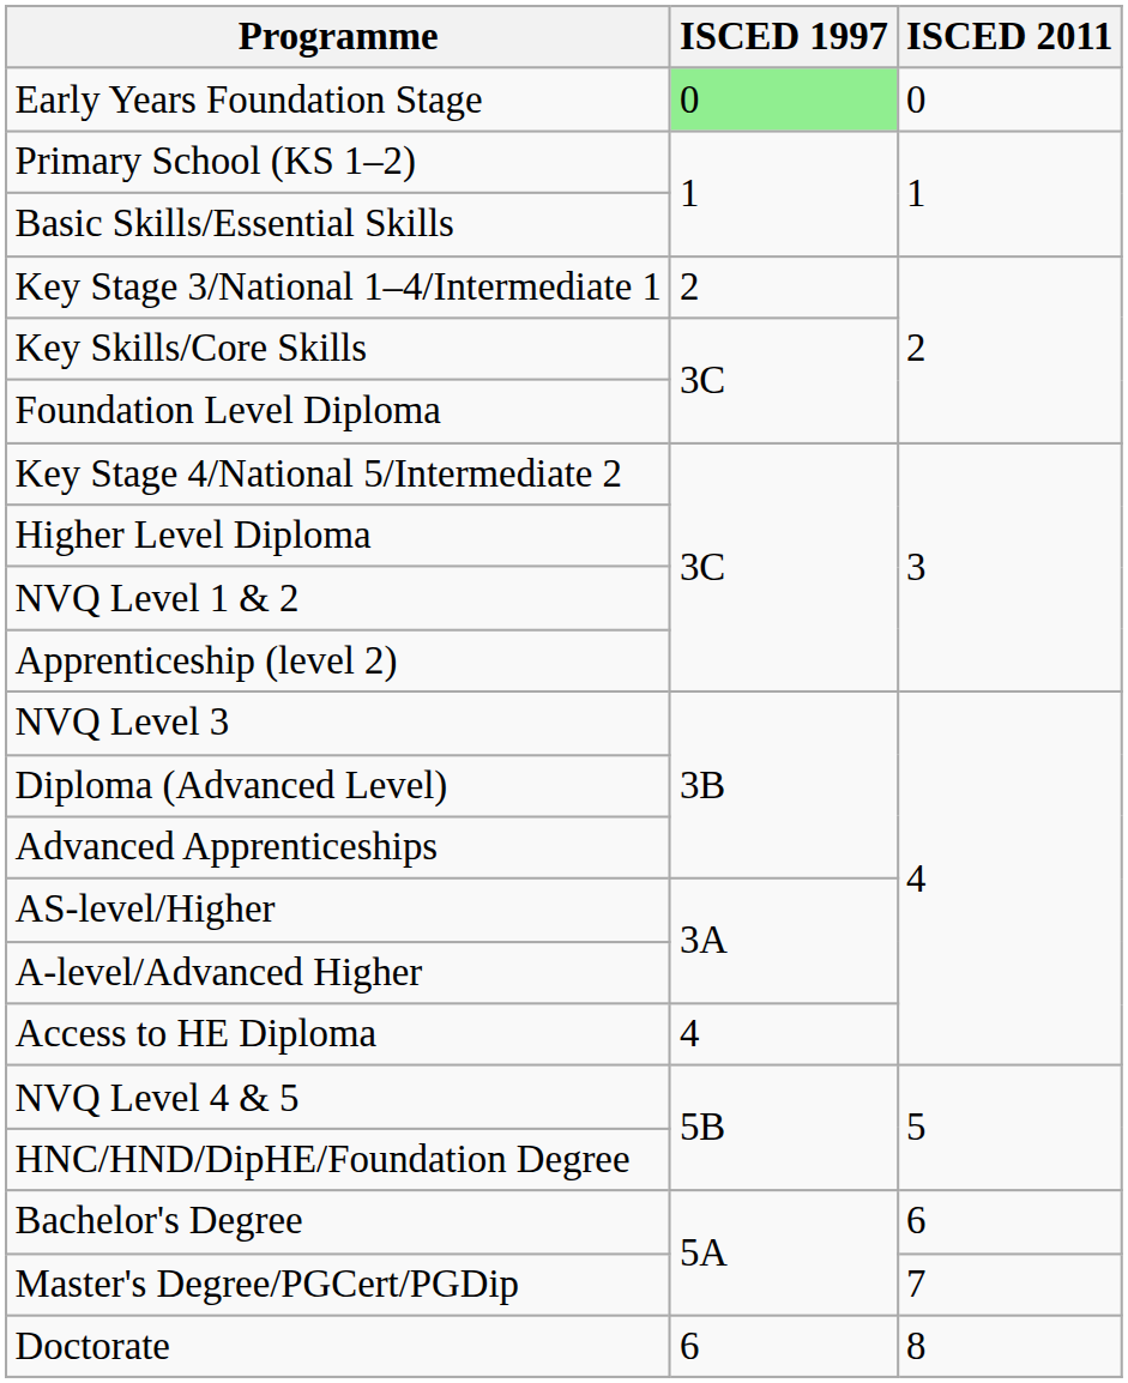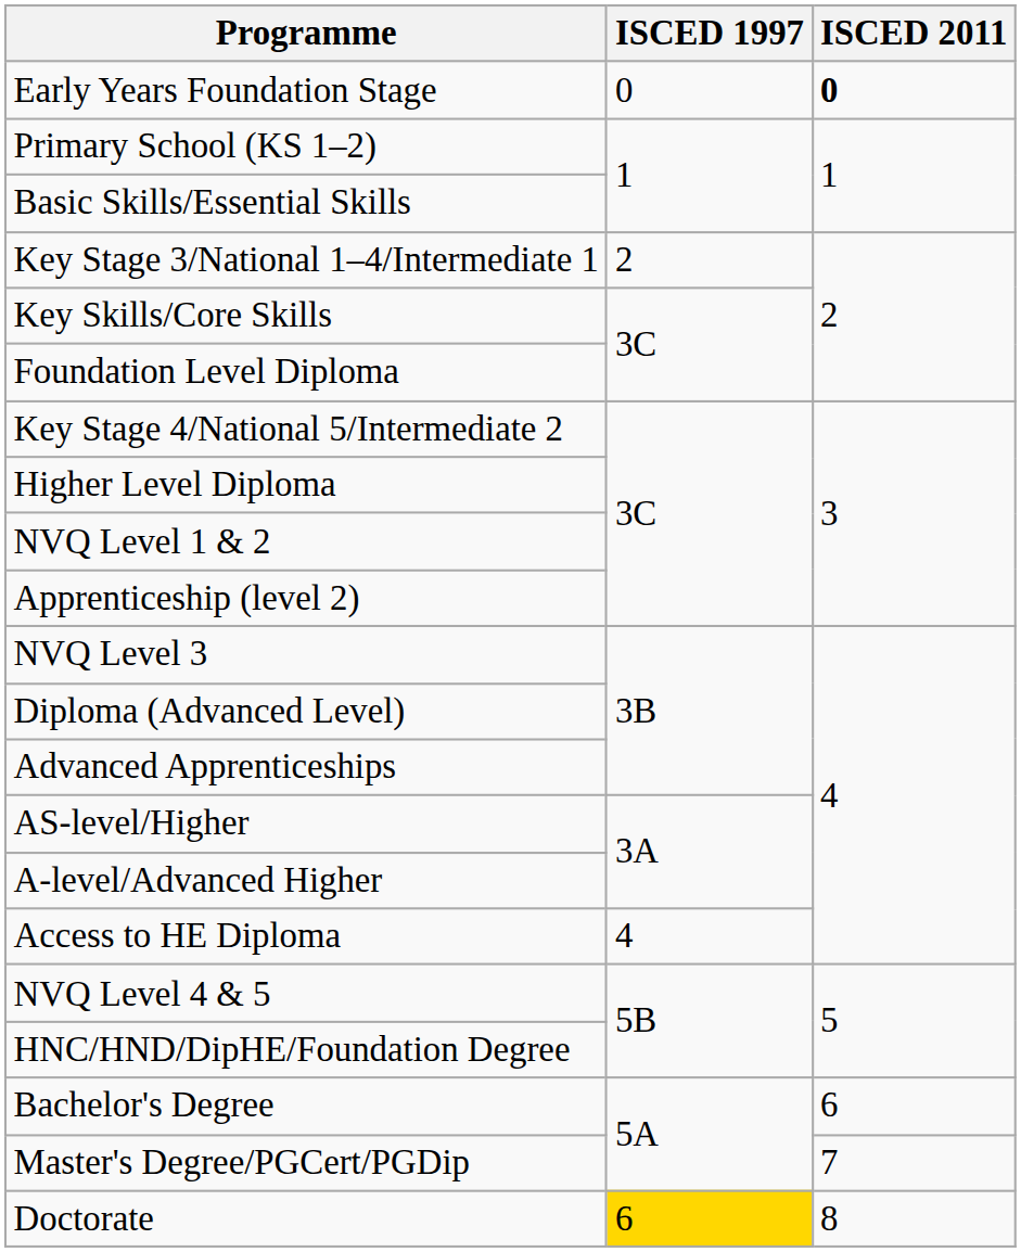 <table class="wikitable">
 <tr>
 <th>Programme</th>
 <th>ISCED 1997</th>
 <th>ISCED 2011</th>
 </tr>
 <tr>
 <td>Early Years Foundation Stage</td>
-<td style="background: lightgreen;">0</td>
 <td>0</td>
+<td><strong>0</strong></td>
 </tr>
 <tr>
 <td>Primary School (KS 1–2)</td>
 <td rowspan=2>1</td>
 <td rowspan=2>1</td>
 </tr>
 <tr>
 <td>Basic Skills/Essential Skills</td>
 </tr>
 <tr>
 <td>Key Stage 3/National 1–4/Intermediate 1</td>
 <td>2</td>
 <td rowspan=3>2</td>
 </tr>
 <tr>
 <td>Key Skills/Core Skills</td>
 <td rowspan=2>3C</td>
 </tr>
 <tr>
 <td>Foundation Level Diploma</td>
 </tr>
 <tr>
 <td>Key Stage 4/National 5/Intermediate 2</td>
 <td rowspan=4>3C</td>
 <td rowspan=4>3</td>
 </tr>
 <tr>
 <td>Higher Level Diploma</td>
 </tr>
 <tr>
 <td>NVQ Level 1 & 2</td>
 </tr>
 <tr>
 <td>Apprenticeship (level 2)</td>
 </tr>
 <tr>
 <td>NVQ Level 3</td>
 <td rowspan=3>3B</td>
 <td rowspan=6>4</td>
 </tr>
 <tr>
 <td>Diploma (Advanced Level)</td>
 </tr>
 <tr>
 <td>Advanced Apprenticeships</td>
 </tr>
 <tr>
 <td>AS-level/Higher</td>
 <td rowspan=2>3A</td>
 </tr>
 <tr>
 <td>A-level/Advanced Higher</td>
 </tr>
 <tr>
 <td>Access to HE Diploma</td>
 <td>4</td>
 </tr>
 <tr>
 <td>NVQ Level 4 & 5</td>
 <td rowspan=2>5B</td>
 <td rowspan=2>5</td>
 </tr>
 <tr>
 <td>HNC/HND/DipHE/Foundation Degree</td>
 </tr>
 <tr>
 <td>Bachelor's Degree</td>
 <td rowspan=2>5A</td>
 <td>6</td>
 </tr>
 <tr>
 <td>Master's Degree/PGCert/PGDip</td>
 <td>7</td>
 </tr>
 <tr>
 <td>Doctorate</td>
-<td>6</td>
+<td style="background: gold;">6</td>
 <td>8</td>
 </tr>
 </table>
